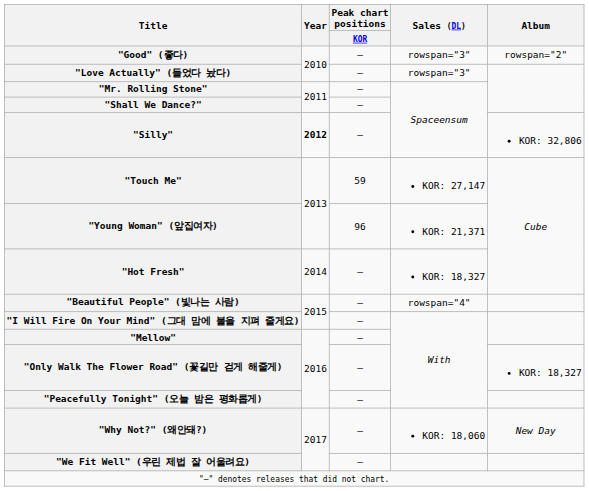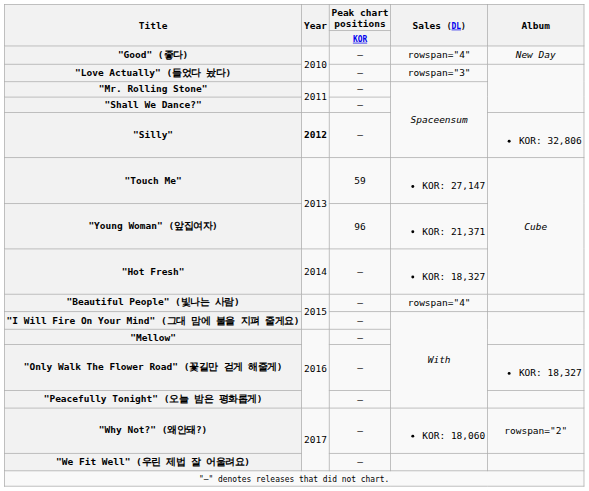 <table class="wikitable plainrowheaders" style="text-align:center;">
 <tr>
 <th scope="col" rowspan="2">Title</th>
 <th scope="col" rowspan="2">Year</th>
 <th scope="col" colspan="1">Peak chart <br> positions</th>
 <th scope="col" rowspan="2">Sales <small>(<a href='#'>DL</a>)</small></th>
 <th scope="col" rowspan="2">Album</th>
 </tr>
 <tr>
 <th><small><a href='#'>KOR</a></small><br></th>
 </tr>
 <tr>
 <th scope="row">"Good" (좋다)</th>
 <td rowspan="2">2010</td>
 <td>—</td>
-<td>rowspan="3" </td>
-<td>rowspan="2" </td>
+<td>rowspan="4" </td>
+<td><em>New Day</em></td>
 </tr>
 <tr>
 <th scope="row">"Love Actually" (들었다 놨다)</th>
 <td>—</td>
 <td>rowspan="3" </td>
 </tr>
 <tr>
 <th scope="row">"Mr. Rolling Stone"</th>
 <td rowspan="2">2011</td>
 <td>—</td>
 <td rowspan="3"><em>Spaceensum</em></td>
 </tr>
 <tr>
 <th scope="row">"Shall We Dance?"</th>
 <td>—</td>
 </tr>
 <tr>
 <th scope="row">"Silly"</th>
 <td><strong>2012</strong></td>
 <td>—</td>
 <td><br><ul><li>KOR: 32,806</li></ul></td>
 </tr>
 <tr>
 <th scope="row">"Touch Me"</th>
 <td rowspan="2">2013</td>
 <td>59</td>
 <td><br><ul><li>KOR: 27,147</li></ul></td>
 <td rowspan="3"><em>Cube</em></td>
 </tr>
 <tr>
 <th scope="row">"Young Woman" (앞집여자)</th>
 <td>96</td>
 <td><br><ul><li>KOR: 21,371</li></ul></td>
 </tr>
 <tr>
 <th scope="row">"Hot Fresh"</th>
 <td>2014</td>
 <td>—</td>
 <td><br><ul><li>KOR: 18,327</li></ul></td>
 </tr>
 <tr>
 <th scope="row">"Beautiful People" (빛나는 사람)</th>
 <td rowspan="2">2015</td>
 <td>—</td>
 <td>rowspan="4" </td>
 <td></td>
 </tr>
 <tr>
 <th scope="row">"I Will Fire On Your Mind" (그대 맘에 불을 지펴 줄게요)</th>
 <td>—</td>
 <td rowspan="4"><em>With</em></td>
 </tr>
 <tr>
 <th scope="row">"Mellow"</th>
 <td rowspan="3">2016</td>
 <td>—</td>
 </tr>
 <tr>
 <th scope="row">"Only Walk The Flower Road" (꽃길만 걷게 해줄게)</th>
 <td>—</td>
 <td><br><ul><li>KOR: 18,327</li></ul></td>
 </tr>
 <tr>
 <th scope="row">"Peacefully Tonight" (오늘 밤은 평화롭게)</th>
 <td>—</td>
 <td></td>
 </tr>
 <tr>
 <th scope="row">"Why Not?" (왜안돼?)</th>
 <td rowspan="2">2017</td>
 <td>—</td>
 <td><br><ul><li>KOR: 18,060</li></ul></td>
-<td><em>New Day</em></td>
+<td>rowspan="2" </td>
 </tr>
 <tr>
 <th scope="row">"We Fit Well" (우린 제법 잘 어울려요)</th>
 <td>—</td>
 <td></td>
 </tr>
 <tr>
 <td colspan="5" align="center"><small>"—" denotes releases that did not chart.</small></td>
 </tr>
 </table>
